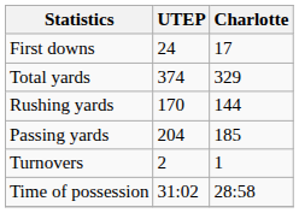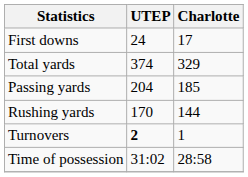 <table class="wikitable">
 <tr>
 <th>Statistics</th>
 <th>UTEP</th>
 <th>Charlotte</th>
 </tr>
 <tr>
 <td>First downs</td>
 <td>24</td>
 <td>17</td>
 </tr>
 <tr>
 <td>Total yards</td>
 <td>374</td>
 <td>329</td>
 </tr>
 <tr>
+<td>Passing yards</td>
+<td>204</td>
+<td>185</td>
+</tr>
+<tr>
 <td>Rushing yards</td>
 <td>170</td>
 <td>144</td>
 </tr>
 <tr>
-<td>Passing yards</td>
-<td>204</td>
-<td>185</td>
-</tr>
-<tr>
 <td>Turnovers</td>
-<td>2</td>
+<td><strong>2</strong></td>
 <td>1</td>
 </tr>
 <tr>
 <td>Time of possession</td>
 <td>31:02</td>
 <td>28:58</td>
 </tr>
 <tr>
 </tr>
 </table>
